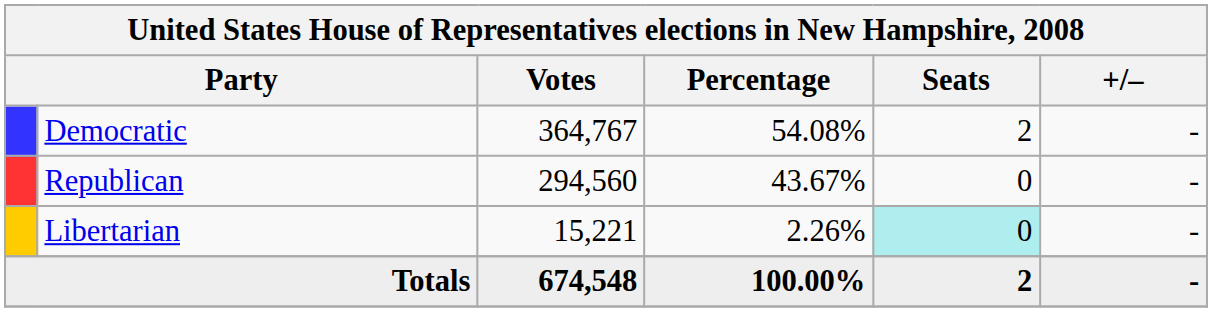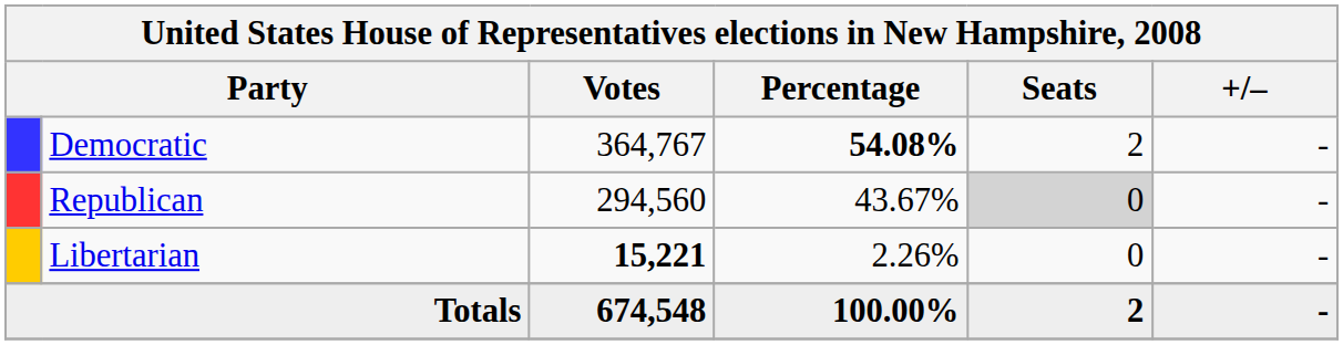 <table class="wikitable" style="font-size: 95%;">
 <tr>
 <th colspan="6">United States House of Representatives elections in New Hampshire, 2008</th>
 </tr>
 <tr>
 <th colspan=2 style="width: 15em">Party</th>
 <th style="width: 5em">Votes</th>
 <th style="width: 7em">Percentage</th>
 <th style="width: 5em">Seats</th>
 <th style="width: 5em">+/–</th>
 </tr>
 <tr>
 <th style="background-color:#3333FF; width: 3px"></th>
 <td style="width: 130px"><a href='#'>Democratic</a></td>
 <td align="right">364,767</td>
-<td align="right">54.08%</td>
+<td align="right"><strong>54.08%</strong></td>
 <td align="right">2</td>
 <td align="right">-</td>
 </tr>
 <tr>
 <th style="background-color:#FF3333; width: 3px"></th>
 <td style="width: 130px"><a href='#'>Republican</a></td>
 <td align="right">294,560</td>
 <td align="right">43.67%</td>
-<td align="right">0</td>
+<td align="right" style="background: lightgrey;">0</td>
 <td align="right">-</td>
 </tr>
 <tr>
 <th style="background-color:#FFCC00; width: 3px"></th>
 <td style="width: 130px"><a href='#'>Libertarian</a></td>
-<td align="right">15,221</td>
+<td align="right"><strong>15,221</strong></td>
 <td align="right">2.26%</td>
-<td align="right" style="background: paleturquoise;">0</td>
+<td align="right">0</td>
 <td align="right">-</td>
 </tr>
 <tr>
 </tr>
 <tr bgcolor="#EEEEEE">
 <td colspan="2" align="right"><strong>Totals</strong></td>
 <td align="right"><strong>674,548</strong></td>
 <td align="right"><strong>100.00%</strong></td>
 <td align="right"><strong>2</strong></td>
 <td align="right"><strong>-</strong></td>
 </tr>
 <tr bgcolor="#EEEEEE">
 </tr>
 </table>
